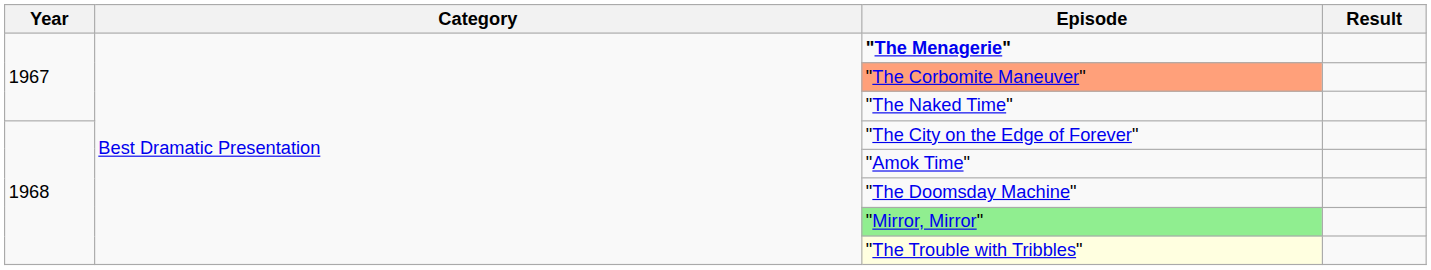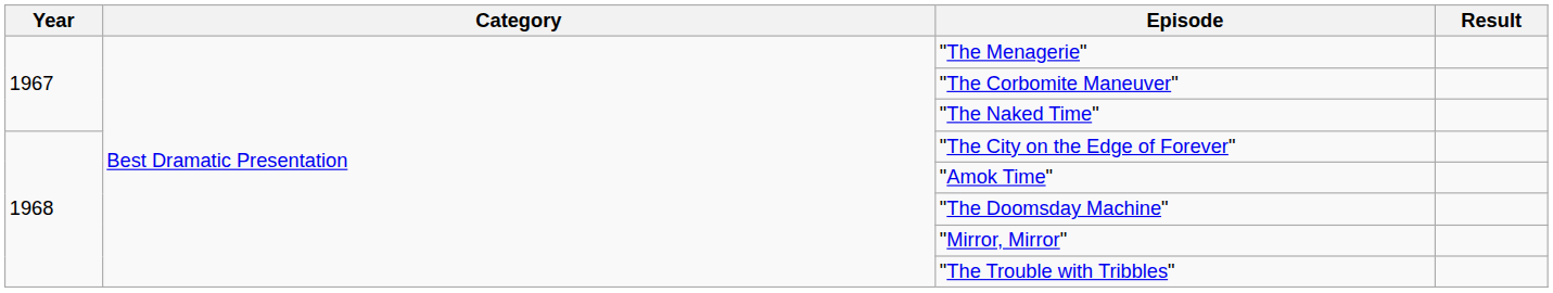 <table class="wikitable">
 <tr>
 <th width="3.5%">Year</th>
 <th width="30%">Category</th>
 <th width="18%">Episode</th>
 <th width="3.5%">Result</th>
 </tr>
 <tr>
 <td rowspan=3>1967</td>
 <td rowspan="8"><a href='#'>Best Dramatic Presentation</a></td>
-<td><strong>"<a href='#'>The Menagerie</a>"</strong></td>
+<td>"<a href='#'>The Menagerie</a>"</td>
 <td></td>
 </tr>
 <tr>
-<td style="background: lightsalmon;">"<a href='#'>The Corbomite Maneuver</a>"</td>
+<td>"<a href='#'>The Corbomite Maneuver</a>"</td>
 <td></td>
 </tr>
 <tr>
 <td>"<a href='#'>The Naked Time</a>"</td>
 <td></td>
 </tr>
 <tr>
 <td rowspan=5>1968</td>
 <td>"<a href='#'>The City on the Edge of Forever</a>"</td>
 <td></td>
 </tr>
 <tr>
 <td>"<a href='#'>Amok Time</a>"</td>
 <td></td>
 </tr>
 <tr>
 <td>"<a href='#'>The Doomsday Machine</a>"</td>
 <td></td>
 </tr>
 <tr>
-<td style="background: lightgreen;">"<a href='#'>Mirror, Mirror</a>"</td>
+<td>"<a href='#'>Mirror, Mirror</a>"</td>
 <td></td>
 </tr>
 <tr>
-<td style="background: lightyellow;">"<a href='#'>The Trouble with Tribbles</a>"</td>
+<td>"<a href='#'>The Trouble with Tribbles</a>"</td>
 <td></td>
 </tr>
 </table>
